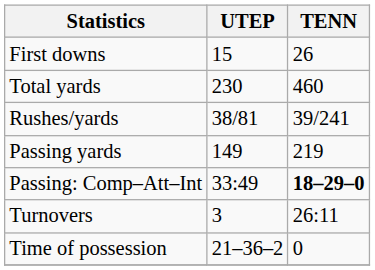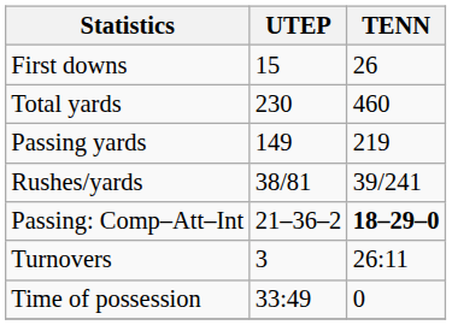 <table class="wikitable" style="float: left;">
 <tr>
 <th>Statistics</th>
 <th>UTEP</th>
 <th>TENN</th>
 </tr>
 <tr>
 <td>First downs</td>
 <td>15</td>
 <td>26</td>
 </tr>
 <tr>
 <td>Total yards</td>
 <td>230</td>
 <td>460</td>
 </tr>
 <tr>
+<td>Passing yards</td>
+<td>149</td>
+<td>219</td>
+</tr>
+<tr>
 <td>Rushes/yards</td>
 <td>38/81</td>
 <td>39/241</td>
 </tr>
 <tr>
-<td>Passing yards</td>
-<td>149</td>
-<td>219</td>
-</tr>
-<tr>
 <td>Passing: Comp–Att–Int</td>
-<td>33:49</td>
+<td>21–36–2</td>
 <td><strong>18–29–0</strong></td>
 </tr>
 <tr>
 <td>Turnovers</td>
 <td>3</td>
 <td>26:11</td>
 </tr>
 <tr>
 <td>Time of possession</td>
-<td>21–36–2</td>
+<td>33:49</td>
 <td>0</td>
 </tr>
 <tr>
 </tr>
 </table>
